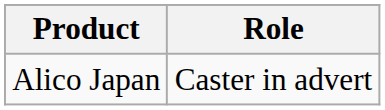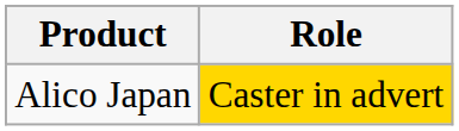 <table class="wikitable">
 <tr>
 <th>Product</th>
 <th>Role</th>
 </tr>
 <tr>
 <td>Alico Japan</td>
-<td>Caster in advert</td>
+<td style="background: gold;">Caster in advert</td>
 </tr>
 </table>
